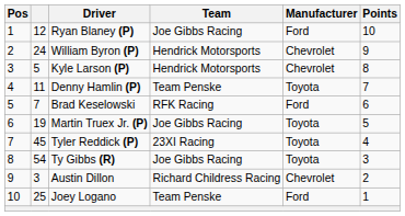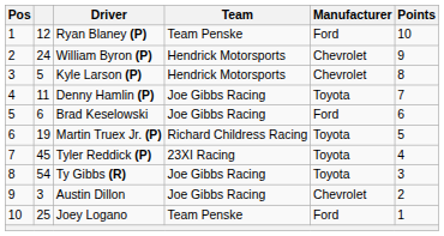 <table class="wikitable" style="font-size:98%">
 <tr>
 <th>Pos</th>
 <th></th>
 <th>Driver</th>
 <th>Team</th>
 <th>Manufacturer</th>
 <th>Points</th>
 </tr>
 <tr>
 <td>1</td>
 <td>12</td>
 <td>Ryan Blaney <strong>(P)</strong></td>
-<td>Joe Gibbs Racing</td>
+<td>Team Penske</td>
 <td>Ford</td>
 <td>10</td>
 </tr>
 <tr>
 <td>2</td>
 <td>24</td>
 <td>William Byron <strong>(P)</strong></td>
 <td>Hendrick Motorsports</td>
 <td>Chevrolet</td>
 <td>9</td>
 </tr>
 <tr>
 <td>3</td>
 <td>5</td>
 <td>Kyle Larson <strong>(P)</strong></td>
 <td>Hendrick Motorsports</td>
 <td>Chevrolet</td>
 <td>8</td>
 </tr>
 <tr>
 <td>4</td>
 <td>11</td>
 <td>Denny Hamlin <strong>(P)</strong></td>
-<td>Team Penske</td>
+<td>Joe Gibbs Racing</td>
 <td>Toyota</td>
 <td>7</td>
 </tr>
 <tr>
 <td>5</td>
-<td>7</td>
+<td>6</td>
 <td>Brad Keselowski</td>
-<td>RFK Racing</td>
+<td>Joe Gibbs Racing</td>
 <td>Ford</td>
 <td>6</td>
 </tr>
 <tr>
 <td>6</td>
 <td>19</td>
 <td>Martin Truex Jr. <strong>(P)</strong></td>
-<td>Joe Gibbs Racing</td>
+<td>Richard Childress Racing</td>
 <td>Toyota</td>
 <td>5</td>
 </tr>
 <tr>
 <td>7</td>
 <td>45</td>
 <td>Tyler Reddick <strong>(P)</strong></td>
 <td>23XI Racing</td>
 <td>Toyota</td>
 <td>4</td>
 </tr>
 <tr>
 <td>8</td>
 <td>54</td>
 <td>Ty Gibbs <strong>(R)</strong></td>
 <td>Joe Gibbs Racing</td>
 <td>Toyota</td>
 <td>3</td>
 </tr>
 <tr>
 <td>9</td>
 <td>3</td>
 <td>Austin Dillon</td>
-<td>Richard Childress Racing</td>
+<td>Joe Gibbs Racing</td>
 <td>Chevrolet</td>
 <td>2</td>
 </tr>
 <tr>
 <td>10</td>
 <td>25</td>
 <td>Joey Logano</td>
 <td>Team Penske</td>
 <td>Ford</td>
 <td>1</td>
 </tr>
 <tr>
 <th colspan="6"></th>
 </tr>
 </table>
